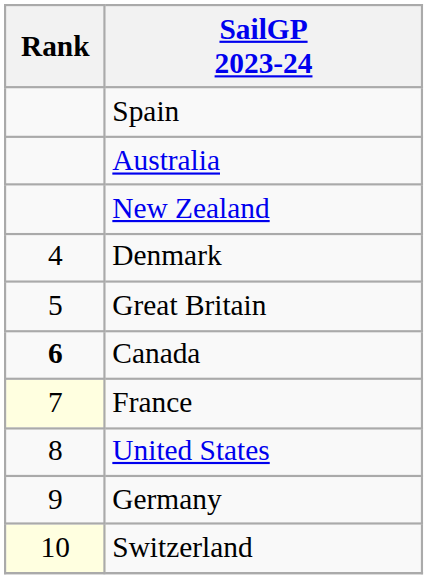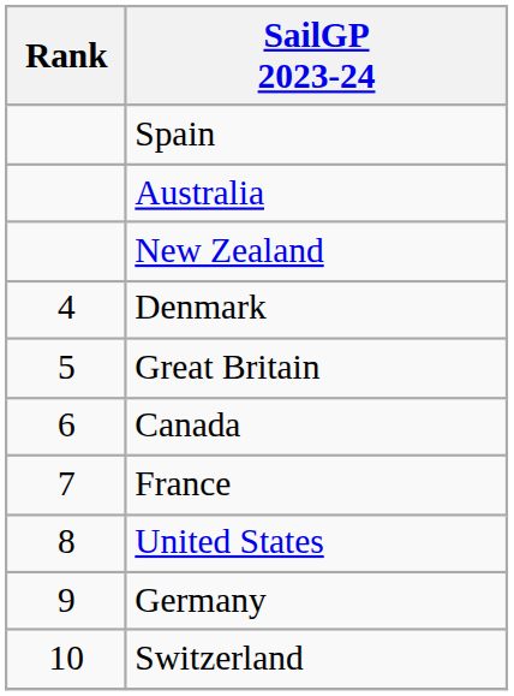 <table class="wikitable sortable" style="font-size:85%; text-align:center;">
 <tr>
 <th width=40>Rank<br></th>
 <th width=140><a href='#'>SailGP<br>2023-24</a></th>
 </tr>
 <tr>
 <td></td>
 <td style="text-align:left;"> Spain</td>
 </tr>
 <tr>
 <td></td>
 <td style="text-align:left;"> <a href='#'>Australia</a></td>
 </tr>
 <tr>
 <td></td>
 <td style="text-align:left;"> <a href='#'>New Zealand</a></td>
 </tr>
 <tr>
 <td>4</td>
 <td style="text-align:left;"> Denmark</td>
 </tr>
 <tr>
 <td>5</td>
 <td style="text-align:left;"> Great Britain</td>
 </tr>
 <tr>
-<td><strong>6</strong></td>
+<td>6</td>
 <td style="text-align:left;"> Canada</td>
 </tr>
 <tr>
-<td style="background: lightyellow;">7</td>
+<td>7</td>
 <td style="text-align:left;"> France</td>
 </tr>
 <tr>
 <td>8</td>
 <td style="text-align:left;"> <a href='#'>United States</a></td>
 </tr>
 <tr>
 <td>9</td>
 <td style="text-align:left;"> Germany</td>
 </tr>
 <tr>
-<td style="background: lightyellow;">10</td>
+<td>10</td>
 <td style="text-align:left;"> Switzerland</td>
 </tr>
 <tr>
 </tr>
 </table>
